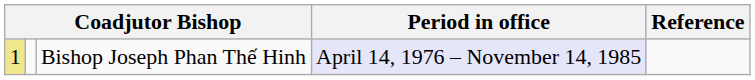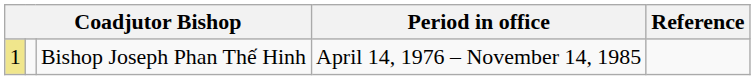 <table class="wikitable">
 <tr>
 <th colspan="3">Coadjutor Bishop</th>
 <th>Period in office</th>
 <th>Reference</th>
 </tr>
 <tr>
 <td style="background: khaki;">1</td>
 <td></td>
 <td>Bishop Joseph Phan Thế Hinh</td>
-<td style="background: lavender;">April 14, 1976 – November 14, 1985</td>
+<td>April 14, 1976 – November 14, 1985</td>
 <td></td>
 </tr>
 </table>
